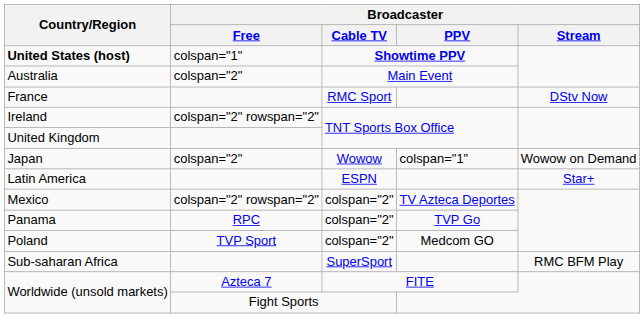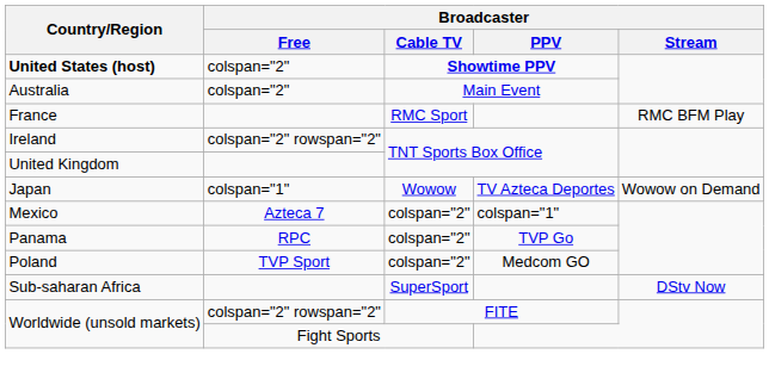 <table class="wikitable">
 <tr>
 <th rowspan="2">Country/Region</th>
 <th colspan="4">Broadcaster</th>
 </tr>
 <tr>
 <th><a href='#'>Free</a></th>
 <th><a href='#'>Cable TV</a></th>
 <th><a href='#'>PPV</a></th>
 <th><a href='#'>Stream</a></th>
 </tr>
 <tr>
 <td><strong>United States (host)</strong></td>
-<td>colspan="1" </td>
+<td>colspan="2" </td>
 <td colspan="2" align="center"><a href='#'><strong>Showtime PPV</strong></a></td>
 </tr>
 <tr>
 <td>Australia</td>
 <td>colspan="2" </td>
 <td colspan="2" align="center"><a href='#'>Main Event</a></td>
 </tr>
 <tr>
 <td>France</td>
 <td></td>
 <td align="center"><a href='#'>RMC Sport</a></td>
 <td></td>
-<td align="center"><a href='#'>DStv Now</a></td>
+<td align="center">RMC BFM Play</td>
 </tr>
 <tr>
 <td>Ireland</td>
 <td>colspan="2" rowspan="2" </td>
 <td colspan="2" rowspan="2"><a href='#'>TNT Sports Box Office</a></td>
 </tr>
 <tr>
 <td>United Kingdom</td>
 </tr>
 <tr>
 <td>Japan</td>
-<td>colspan="2" </td>
+<td>colspan="1" </td>
 <td align="center"><a href='#'>Wowow</a></td>
-<td>colspan="1" </td>
+<td align="center"><a href='#'>TV Azteca Deportes</a></td>
 <td colspan="1" align="center">Wowow on Demand</td>
 </tr>
 <tr>
-<td>Latin America</td>
-<td></td>
-<td align="center"><a href='#'>ESPN</a></td>
-<td></td>
-<td align="center"><a href='#'>Star+</a></td>
-</tr>
-<tr>
 <td>Mexico</td>
-<td>colspan="2" rowspan="2" </td>
+<td align="center"><a href='#'>Azteca 7</a></td>
 <td>colspan="2" </td>
-<td align="center"><a href='#'>TV Azteca Deportes</a></td>
+<td>colspan="1" </td>
 </tr>
 <tr>
 <td>Panama</td>
 <td align="center"><a href='#'>RPC</a></td>
 <td>colspan="2" </td>
 <td align="center"><a href='#'>TVP Go</a></td>
 </tr>
 <tr>
 <td>Poland</td>
 <td align="center"><a href='#'>TVP Sport</a></td>
 <td>colspan="2" </td>
 <td align="center">Medcom GO</td>
 </tr>
 <tr>
 <td>Sub-saharan Africa</td>
 <td></td>
 <td align="center"><a href='#'>SuperSport</a></td>
 <td></td>
-<td align="center">RMC BFM Play</td>
+<td align="center"><a href='#'>DStv Now</a></td>
 </tr>
 <tr>
 <td rowspan="2">Worldwide (unsold markets)</td>
-<td align="center"><a href='#'>Azteca 7</a></td>
+<td>colspan="2" rowspan="2" </td>
 <td colspan="2" align="center"><a href='#'>FITE</a></td>
 </tr>
 <tr>
 <td colspan="2" align="center">Fight Sports</td>
 </tr>
 </table>
